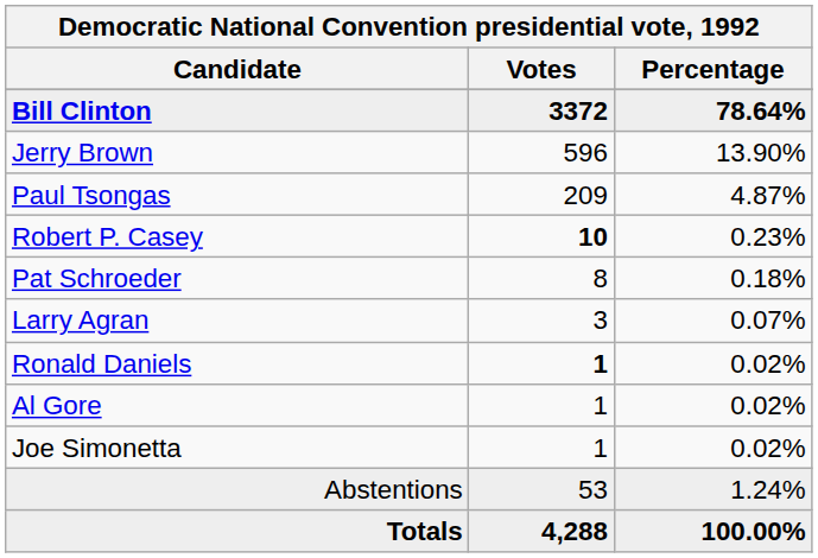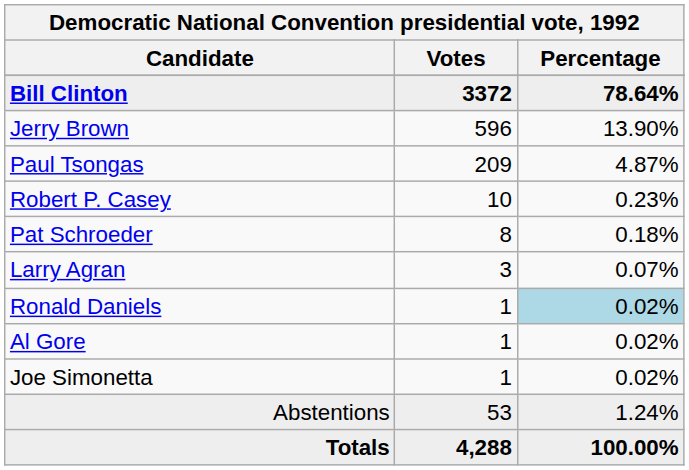 <table class="wikitable" style="font-size:95%;">
 <tr>
 <th colspan="3">Democratic National Convention presidential vote, 1992</th>
 </tr>
 <tr>
 <th style="width: 17em">Candidate</th>
 <th style="width: 5em">Votes</th>
 <th style="width: 7em">Percentage</th>
 </tr>
 <tr>
 </tr>
 <tr bgcolor="#EEEEEE">
 <td><strong><a href='#'>Bill Clinton</a></strong></td>
 <td align="right"><strong>3372</strong></td>
 <td align="right"><strong>78.64%</strong></td>
 </tr>
 <tr>
 <td><a href='#'>Jerry Brown</a></td>
 <td align="right">596</td>
 <td align="right">13.90%</td>
 </tr>
 <tr>
 <td><a href='#'>Paul Tsongas</a></td>
 <td align="right">209</td>
 <td align="right">4.87%</td>
 </tr>
 <tr>
 <td><a href='#'>Robert P. Casey</a></td>
-<td align="right"><strong>10</strong></td>
+<td align="right">10</td>
 <td align="right">0.23%</td>
 </tr>
 <tr>
 <td><a href='#'>Pat Schroeder</a></td>
 <td align="right">8</td>
 <td align="right">0.18%</td>
 </tr>
 <tr>
 <td><a href='#'>Larry Agran</a></td>
 <td align="right">3</td>
 <td align="right">0.07%</td>
 </tr>
 <tr>
 <td><a href='#'>Ronald Daniels</a></td>
-<td align="right"><strong>1</strong></td>
-<td align="right">0.02%</td>
+<td align="right">1</td>
+<td align="right" style="background: lightblue;">0.02%</td>
 </tr>
 <tr>
 <td><a href='#'>Al Gore</a></td>
 <td align="right">1</td>
 <td align="right">0.02%</td>
 </tr>
 <tr>
 <td>Joe Simonetta</td>
 <td align="right">1</td>
 <td align="right">0.02%</td>
 </tr>
 <tr bgcolor="#EEEEEE">
 <td align="right">Abstentions</td>
 <td align="right">53</td>
 <td align="right">1.24%</td>
 </tr>
 <tr bgcolor="#EEEEEE">
 <td align="right"><strong>Totals</strong></td>
 <td align="right"><strong>4,288</strong></td>
 <td align="right"><strong>100.00%</strong></td>
 </tr>
 </table>
